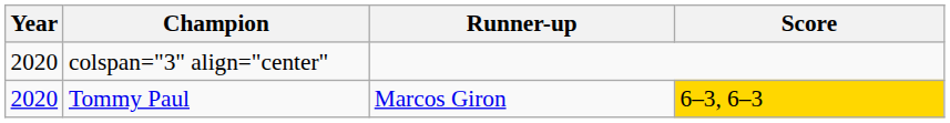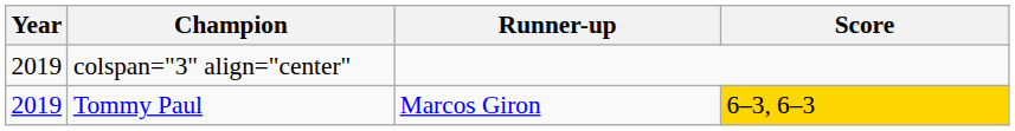 <table class="wikitable">
 <tr>
 <th>Year</th>
 <th width="200">Champion</th>
 <th width="200">Runner-up</th>
 <th width="175">Score</th>
 </tr>
 <tr>
-<td>2020</td>
+<td>2019</td>
 <td>colspan="3" align="center" </td>
 </tr>
 <tr>
-<td><a href='#'>2020</a></td>
+<td><a href='#'>2019</a></td>
 <td> <a href='#'>Tommy Paul</a></td>
 <td> <a href='#'>Marcos Giron</a></td>
 <td style="background: gold;">6–3, 6–3</td>
 </tr>
 </table>
